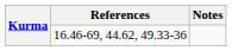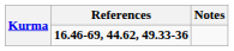 <table class="wikitable">
 <tr>
 <th rowspan="2"><a href='#'>Kurma</a></th>
 <th>References</th>
 <th>Notes</th>
 </tr>
 <tr>
-<td>16.46-69, 44.62, 49.33-36</td>
+<td><strong>16.46-69, 44.62, 49.33-36</strong></td>
 <td></td>
 </tr>
 </table>
